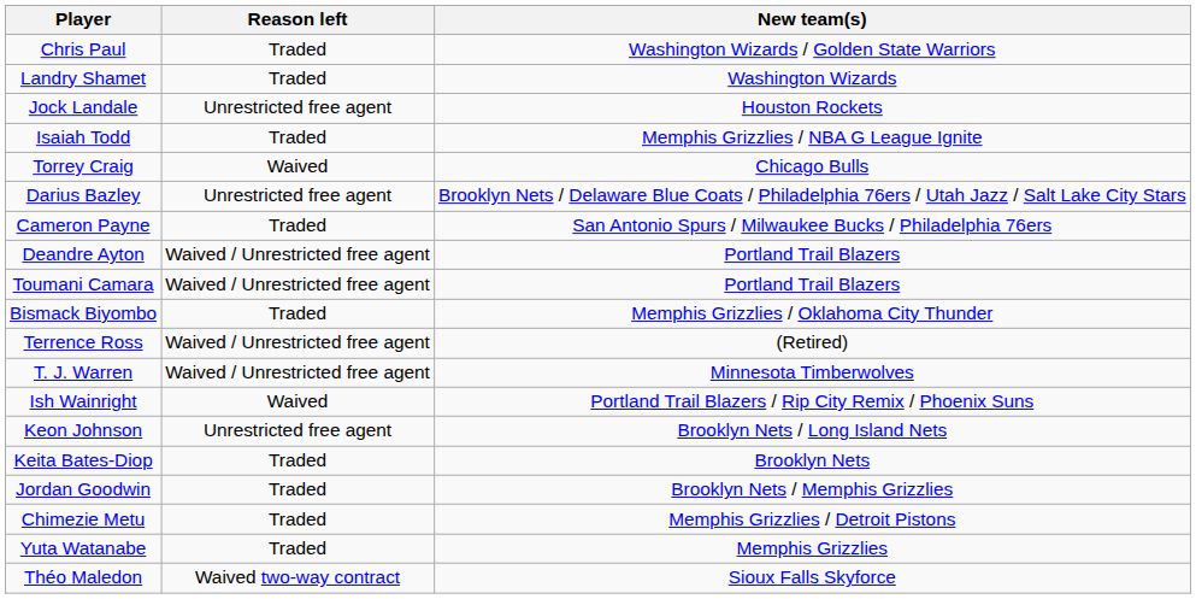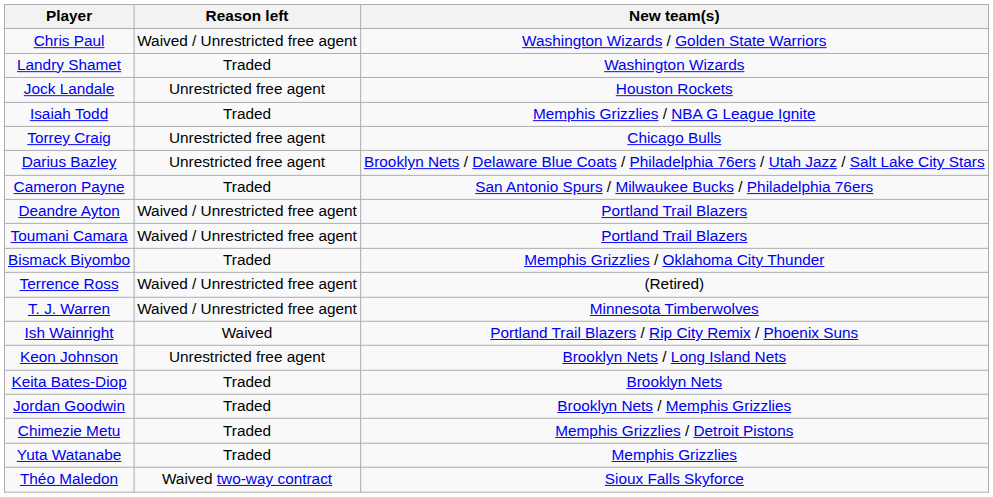 <table class="wikitable sortable sortable">
 <tr>
 <th>Player</th>
 <th>Reason left</th>
 <th>New team(s)</th>
 </tr>
 <tr style="text-align: center">
 <td><a href='#'>Chris Paul</a></td>
-<td>Traded</td>
+<td>Waived / Unrestricted free agent</td>
 <td><a href='#'>Washington Wizards</a> / <a href='#'>Golden State Warriors</a></td>
 </tr>
 <tr style="text-align: center">
 <td><a href='#'>Landry Shamet</a></td>
 <td>Traded</td>
 <td><a href='#'>Washington Wizards</a></td>
 </tr>
 <tr style="text-align: center">
 <td><a href='#'>Jock Landale</a></td>
 <td>Unrestricted free agent</td>
 <td><a href='#'>Houston Rockets</a></td>
 </tr>
 <tr style="text-align: center">
 <td><a href='#'>Isaiah Todd</a></td>
 <td>Traded</td>
 <td><a href='#'>Memphis Grizzlies</a> / <a href='#'>NBA G League Ignite</a></td>
 </tr>
 <tr style="text-align: center">
 <td><a href='#'>Torrey Craig</a></td>
-<td>Waived</td>
+<td>Unrestricted free agent</td>
 <td><a href='#'>Chicago Bulls</a></td>
 </tr>
 <tr style="text-align: center">
 <td><a href='#'>Darius Bazley</a></td>
 <td>Unrestricted free agent</td>
 <td><a href='#'>Brooklyn Nets</a> / <a href='#'>Delaware Blue Coats</a> / <a href='#'>Philadelphia 76ers</a> / <a href='#'>Utah Jazz</a> / <a href='#'>Salt Lake City Stars</a></td>
 </tr>
 <tr style="text-align: center">
 <td><a href='#'>Cameron Payne</a></td>
 <td>Traded</td>
 <td><a href='#'>San Antonio Spurs</a> / <a href='#'>Milwaukee Bucks</a> / <a href='#'>Philadelphia 76ers</a></td>
 </tr>
 <tr style="text-align: center">
 <td><a href='#'>Deandre Ayton</a></td>
 <td>Waived / Unrestricted free agent</td>
 <td><a href='#'>Portland Trail Blazers</a></td>
 </tr>
 <tr style="text-align: center">
 <td><a href='#'>Toumani Camara</a></td>
 <td>Waived / Unrestricted free agent</td>
 <td><a href='#'>Portland Trail Blazers</a></td>
 </tr>
 <tr style="text-align: center">
 <td><a href='#'>Bismack Biyombo</a></td>
 <td>Traded</td>
 <td><a href='#'>Memphis Grizzlies</a> / <a href='#'>Oklahoma City Thunder</a></td>
 </tr>
 <tr style="text-align: center">
 <td><a href='#'>Terrence Ross</a></td>
 <td>Waived / Unrestricted free agent</td>
 <td> (Retired)</td>
 </tr>
 <tr style="text-align: center">
 <td><a href='#'>T. J. Warren</a></td>
 <td>Waived / Unrestricted free agent</td>
 <td><a href='#'>Minnesota Timberwolves</a></td>
 </tr>
 <tr style="text-align: center">
 <td><a href='#'>Ish Wainright</a></td>
 <td>Waived</td>
 <td><a href='#'>Portland Trail Blazers</a> / <a href='#'>Rip City Remix</a> / <a href='#'>Phoenix Suns</a></td>
 </tr>
 <tr style="text-align: center">
 <td><a href='#'>Keon Johnson</a></td>
 <td>Unrestricted free agent</td>
 <td><a href='#'>Brooklyn Nets</a> / <a href='#'>Long Island Nets</a></td>
 </tr>
 <tr style="text-align: center">
 <td><a href='#'>Keita Bates-Diop</a></td>
 <td>Traded</td>
 <td><a href='#'>Brooklyn Nets</a></td>
 </tr>
 <tr style="text-align: center">
 <td><a href='#'>Jordan Goodwin</a></td>
 <td>Traded</td>
 <td><a href='#'>Brooklyn Nets</a> / <a href='#'>Memphis Grizzlies</a></td>
 </tr>
 <tr style="text-align: center">
 <td><a href='#'>Chimezie Metu</a></td>
 <td>Traded</td>
 <td><a href='#'>Memphis Grizzlies</a> / <a href='#'>Detroit Pistons</a></td>
 </tr>
 <tr style="text-align: center">
 <td><a href='#'>Yuta Watanabe</a></td>
 <td>Traded</td>
 <td><a href='#'>Memphis Grizzlies</a></td>
 </tr>
 <tr style="text-align: center">
 <td><a href='#'>Théo Maledon</a></td>
 <td>Waived <a href='#'>two-way contract</a></td>
 <td><a href='#'>Sioux Falls Skyforce</a></td>
 </tr>
 </table>
